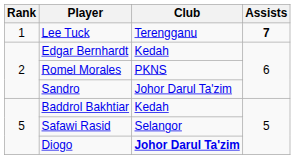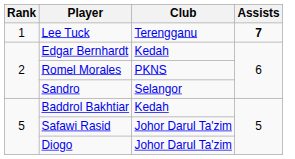 <table class="wikitable" style="text-align:center">
 <tr>
 <th>Rank</th>
 <th>Player</th>
 <th>Club</th>
 <th>Assists</th>
 </tr>
 <tr>
 <td>1</td>
 <td align="left"> <a href='#'>Lee Tuck</a></td>
 <td align="left"><a href='#'>Terengganu</a></td>
 <td><strong>7</strong></td>
 </tr>
 <tr>
 <td rowspan="3">2</td>
 <td align="left"> <a href='#'>Edgar Bernhardt</a></td>
 <td align="left"><a href='#'>Kedah</a></td>
 <td rowspan="3">6</td>
 </tr>
 <tr>
 <td align="left"> <a href='#'>Romel Morales</a></td>
 <td align="left"><a href='#'>PKNS</a></td>
 </tr>
 <tr>
 <td align="left"> <a href='#'>Sandro</a></td>
-<td align="left"><a href='#'>Johor Darul Ta'zim</a></td>
+<td align="left"><a href='#'>Selangor</a></td>
 </tr>
 <tr>
 <td rowspan="3">5</td>
 <td align="left"> <a href='#'>Baddrol Bakhtiar</a></td>
 <td align="left"><a href='#'>Kedah</a></td>
 <td rowspan="3">5</td>
 </tr>
 <tr>
 <td align="left"> <a href='#'>Safawi Rasid</a></td>
-<td align="left"><a href='#'>Selangor</a></td>
+<td align="left"><a href='#'>Johor Darul Ta'zim</a></td>
 </tr>
 <tr>
 <td align="left"> <a href='#'>Diogo</a></td>
-<td align="left"><strong><a href='#'>Johor Darul Ta'zim</a></strong></td>
+<td align="left"><a href='#'>Johor Darul Ta'zim</a></td>
 </tr>
 </table>
